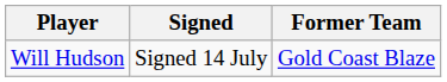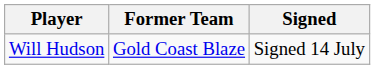 <table class="wikitable sortable sortable">
 <tr>
 <th>Player</th>
+<th>Former Team</th>
 <th>Signed</th>
-<th>Former Team</th>
 </tr>
 <tr style="text-align: center">
 <td><a href='#'>Will Hudson</a></td>
+<td><a href='#'>Gold Coast Blaze</a></td>
 <td>Signed 14 July</td>
-<td><a href='#'>Gold Coast Blaze</a></td>
 </tr>
 </table>
